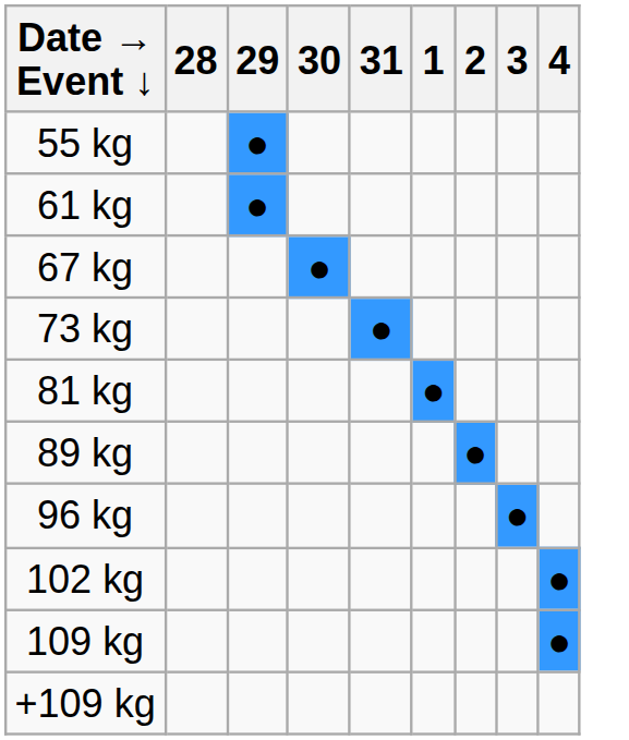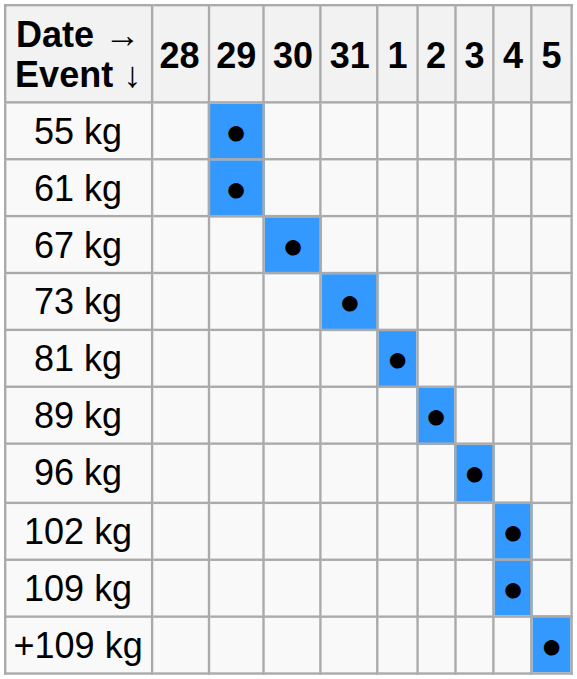 <table class="wikitable" style="text-align:center; font-size:95%">
 <tr align=center>
 <th>Date →<br>Event ↓</th>
 <th>28</th>
 <th>29</th>
 <th>30</th>
 <th>31</th>
 <th>1</th>
 <th>2</th>
 <th>3</th>
 <th>4</th>
+<th>5</th>
 </tr>
 <tr align=center>
 <td>55 kg</td>
 <td></td>
 <td bgcolor=#3399ff>●</td>
+<td></td>
 <td></td>
 <td></td>
 <td></td>
 <td></td>
 <td></td>
 <td></td>
 </tr>
 <tr align=center>
 <td>61 kg</td>
 <td></td>
 <td bgcolor=#3399ff>●</td>
 <td></td>
 <td></td>
 <td></td>
 <td></td>
 <td></td>
 <td></td>
+<td></td>
 </tr>
 <tr align=center>
 <td>67 kg</td>
 <td></td>
 <td></td>
 <td bgcolor=#3399ff>●</td>
+<td></td>
 <td></td>
 <td></td>
 <td></td>
 <td></td>
 <td></td>
 </tr>
 <tr align=center>
 <td>73 kg</td>
 <td></td>
 <td></td>
 <td></td>
 <td bgcolor=#3399ff>●</td>
 <td></td>
 <td></td>
 <td></td>
 <td></td>
+<td></td>
 </tr>
 <tr align=center>
 <td>81 kg</td>
 <td></td>
 <td></td>
 <td></td>
 <td></td>
 <td bgcolor=#3399ff>●</td>
+<td></td>
 <td></td>
 <td></td>
 <td></td>
 </tr>
 <tr align=center>
 <td>89 kg</td>
 <td></td>
 <td></td>
 <td></td>
 <td></td>
 <td></td>
 <td bgcolor=#3399ff>●</td>
 <td></td>
 <td></td>
+<td></td>
 </tr>
 <tr align=center>
 <td>96 kg</td>
 <td></td>
 <td></td>
 <td></td>
 <td></td>
 <td></td>
 <td></td>
 <td bgcolor=#3399ff>●</td>
+<td></td>
 <td></td>
 </tr>
 <tr align=center>
 <td>102 kg</td>
 <td></td>
 <td></td>
 <td></td>
 <td></td>
 <td></td>
 <td></td>
 <td></td>
 <td bgcolor=#3399ff>●</td>
+<td></td>
 </tr>
 <tr align=center>
 <td>109 kg</td>
 <td></td>
 <td></td>
 <td></td>
 <td></td>
 <td></td>
 <td></td>
 <td></td>
 <td bgcolor=#3399ff>●</td>
+<td></td>
 </tr>
 <tr align=center>
 <td>+109 kg</td>
 <td></td>
 <td></td>
 <td></td>
 <td></td>
 <td></td>
 <td></td>
 <td></td>
 <td></td>
+<td bgcolor=#3399ff>●</td>
 </tr>
 </table>
